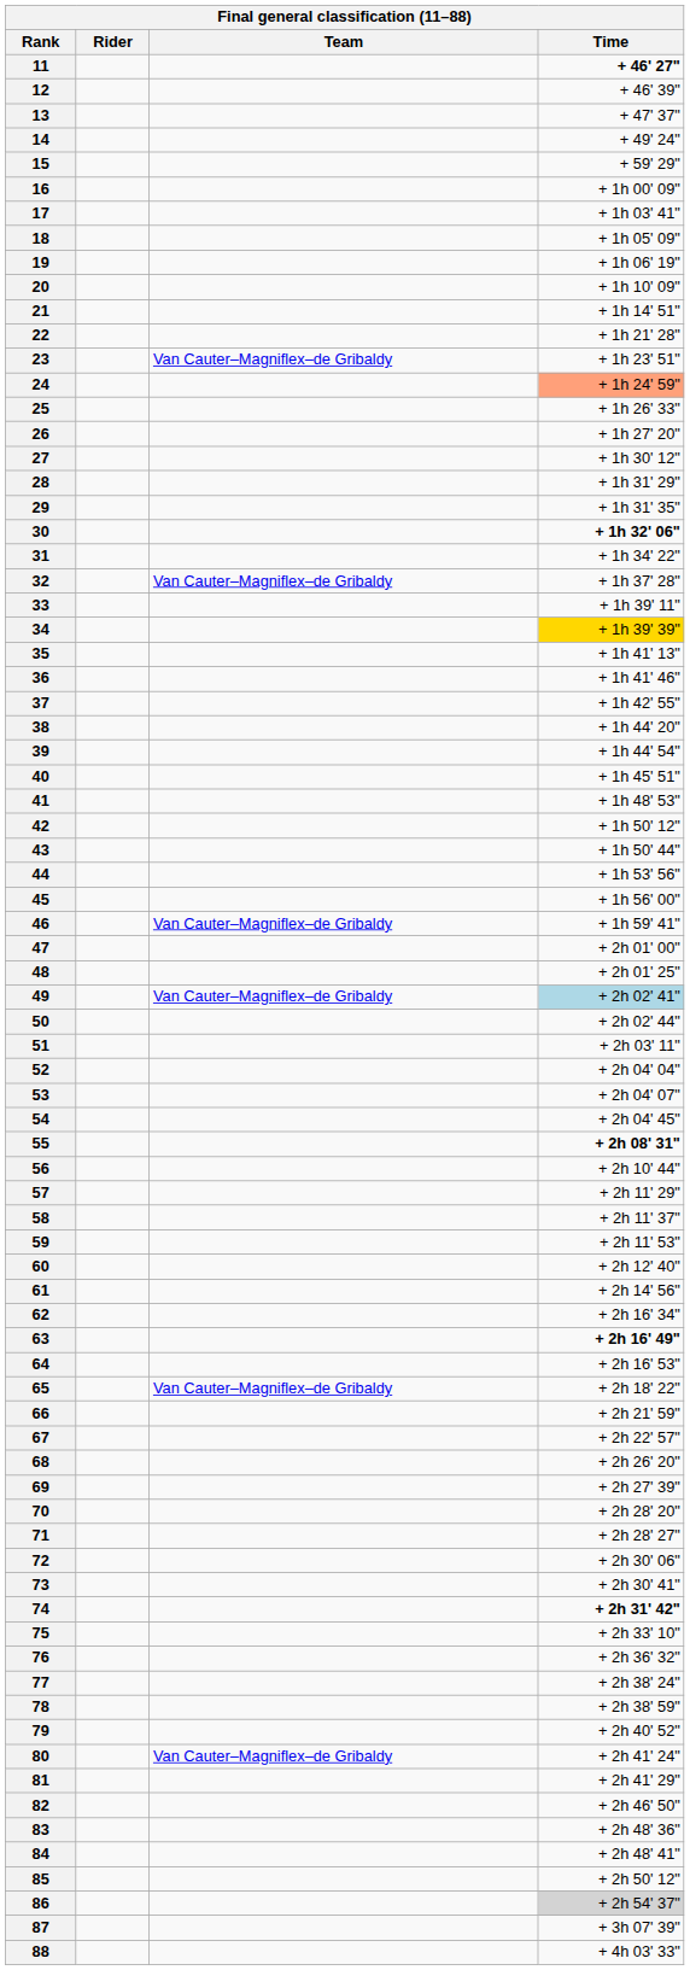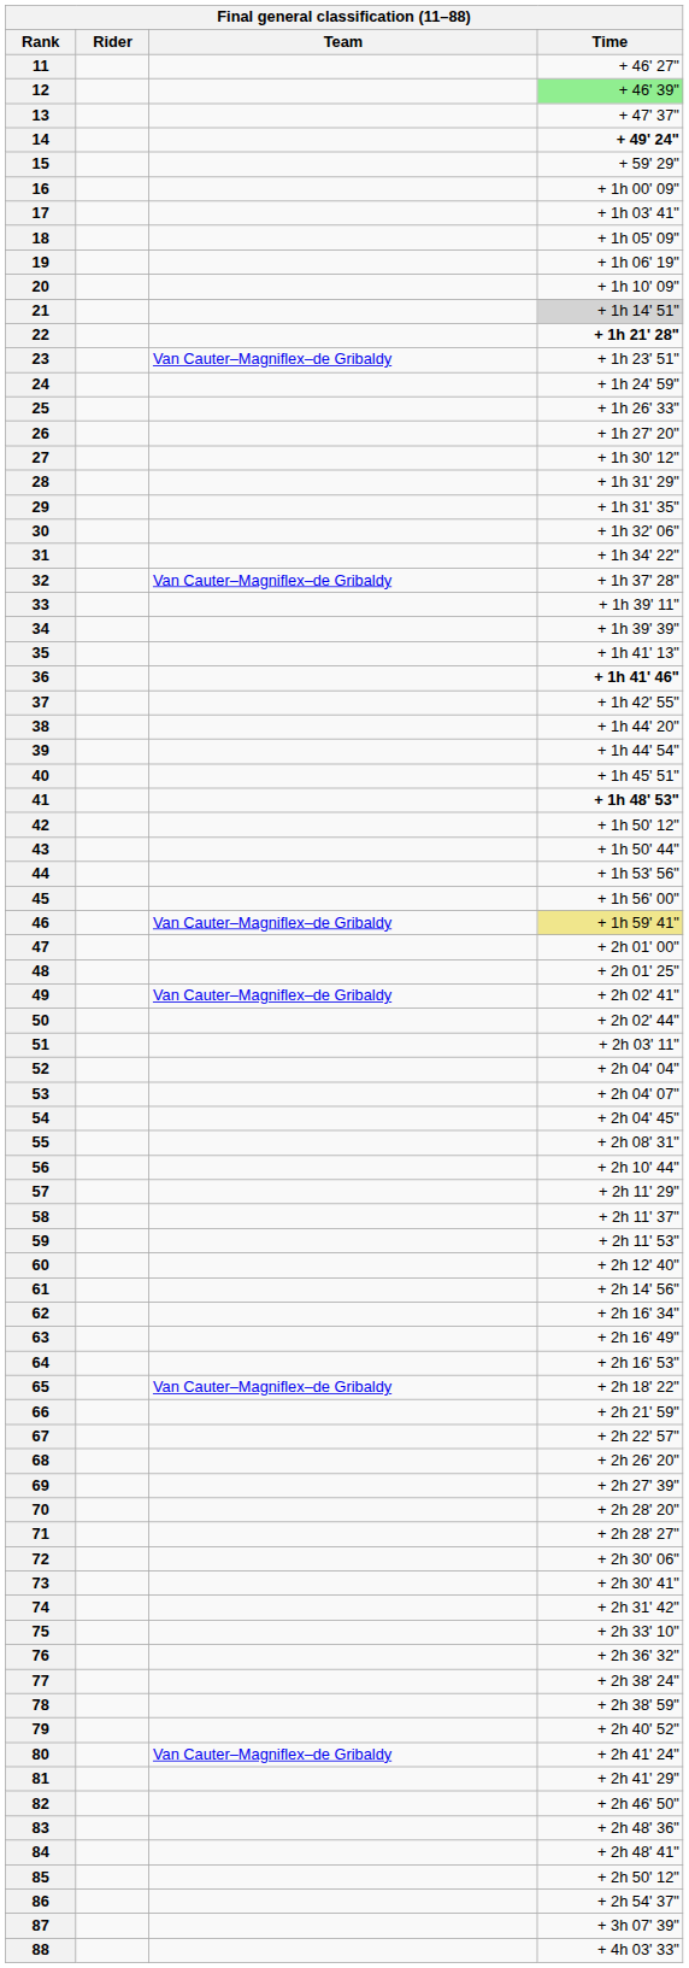 <table class="collapsible collapsed wikitable" style="width:44em;margin-top:-1px;">
 <tr>
 <th scope="col" colspan="4">Final general classification (11–88)</th>
 </tr>
 <tr>
 <th scope="col">Rank</th>
 <th scope="col">Rider</th>
 <th scope="col">Team</th>
 <th scope="col">Time</th>
 </tr>
 <tr>
 <th scope="row">11</th>
 <td></td>
 <td></td>
-<td style="text-align:right;"><strong>+ 46' 27"</strong></td>
+<td style="text-align:right;">+ 46' 27"</td>
 </tr>
 <tr>
 <th scope="row">12</th>
 <td></td>
 <td></td>
-<td style="text-align:right;">+ 46' 39"</td>
+<td style="background: lightgreen; text-align:right;">+ 46' 39"</td>
 </tr>
 <tr>
 <th scope="row">13</th>
 <td></td>
 <td></td>
 <td style="text-align:right;">+ 47' 37"</td>
 </tr>
 <tr>
 <th scope="row">14</th>
 <td></td>
 <td></td>
-<td style="text-align:right;">+ 49' 24"</td>
+<td style="text-align:right;"><strong>+ 49' 24"</strong></td>
 </tr>
 <tr>
 <th scope="row">15</th>
 <td></td>
 <td></td>
 <td style="text-align:right;">+ 59' 29"</td>
 </tr>
 <tr>
 <th scope="row">16</th>
 <td></td>
 <td></td>
 <td style="text-align:right;">+ 1h 00' 09"</td>
 </tr>
 <tr>
 <th scope="row">17</th>
 <td></td>
 <td></td>
 <td style="text-align:right;">+ 1h 03' 41"</td>
 </tr>
 <tr>
 <th scope="row">18</th>
 <td></td>
 <td></td>
 <td style="text-align:right;">+ 1h 05' 09"</td>
 </tr>
 <tr>
 <th scope="row">19</th>
 <td></td>
 <td></td>
 <td style="text-align:right;">+ 1h 06' 19"</td>
 </tr>
 <tr>
 <th scope="row">20</th>
 <td></td>
 <td></td>
 <td style="text-align:right;">+ 1h 10' 09"</td>
 </tr>
 <tr>
 <th scope="row">21</th>
 <td></td>
 <td></td>
-<td style="text-align:right;">+ 1h 14' 51"</td>
+<td style="background: lightgrey; text-align:right;">+ 1h 14' 51"</td>
 </tr>
 <tr>
 <th scope="row">22</th>
 <td></td>
 <td></td>
-<td style="text-align:right;">+ 1h 21' 28"</td>
+<td style="text-align:right;"><strong>+ 1h 21' 28"</strong></td>
 </tr>
 <tr>
 <th scope="row">23</th>
 <td></td>
 <td><a href='#'>Van Cauter–Magniflex–de Gribaldy</a></td>
 <td style="text-align:right;">+ 1h 23' 51"</td>
 </tr>
 <tr>
 <th scope="row">24</th>
 <td></td>
 <td></td>
-<td style="background: lightsalmon; text-align:right;">+ 1h 24' 59"</td>
+<td style="text-align:right;">+ 1h 24' 59"</td>
 </tr>
 <tr>
 <th scope="row">25</th>
 <td></td>
 <td></td>
 <td style="text-align:right;">+ 1h 26' 33"</td>
 </tr>
 <tr>
 <th scope="row">26</th>
 <td></td>
 <td></td>
 <td style="text-align:right;">+ 1h 27' 20"</td>
 </tr>
 <tr>
 <th scope="row">27</th>
 <td></td>
 <td></td>
 <td style="text-align:right;">+ 1h 30' 12"</td>
 </tr>
 <tr>
 <th scope="row">28</th>
 <td></td>
 <td></td>
 <td style="text-align:right;">+ 1h 31' 29"</td>
 </tr>
 <tr>
 <th scope="row">29</th>
 <td></td>
 <td></td>
 <td style="text-align:right;">+ 1h 31' 35"</td>
 </tr>
 <tr>
 <th scope="row">30</th>
 <td></td>
 <td></td>
-<td style="text-align:right;"><strong>+ 1h 32' 06"</strong></td>
+<td style="text-align:right;">+ 1h 32' 06"</td>
 </tr>
 <tr>
 <th scope="row">31</th>
 <td></td>
 <td></td>
 <td style="text-align:right;">+ 1h 34' 22"</td>
 </tr>
 <tr>
 <th scope="row">32</th>
 <td></td>
 <td><a href='#'>Van Cauter–Magniflex–de Gribaldy</a></td>
 <td style="text-align:right;">+ 1h 37' 28"</td>
 </tr>
 <tr>
 <th scope="row">33</th>
 <td></td>
 <td></td>
 <td style="text-align:right;">+ 1h 39' 11"</td>
 </tr>
 <tr>
 <th scope="row">34</th>
 <td></td>
 <td></td>
-<td style="background: gold; text-align:right;">+ 1h 39' 39"</td>
+<td style="text-align:right;">+ 1h 39' 39"</td>
 </tr>
 <tr>
 <th scope="row">35</th>
 <td></td>
 <td></td>
 <td style="text-align:right;">+ 1h 41' 13"</td>
 </tr>
 <tr>
 <th scope="row">36</th>
 <td></td>
 <td></td>
-<td style="text-align:right;">+ 1h 41' 46"</td>
+<td style="text-align:right;"><strong>+ 1h 41' 46"</strong></td>
 </tr>
 <tr>
 <th scope="row">37</th>
 <td></td>
 <td></td>
 <td style="text-align:right;">+ 1h 42' 55"</td>
 </tr>
 <tr>
 <th scope="row">38</th>
 <td></td>
 <td></td>
 <td style="text-align:right;">+ 1h 44' 20"</td>
 </tr>
 <tr>
 <th scope="row">39</th>
 <td></td>
 <td></td>
 <td style="text-align:right;">+ 1h 44' 54"</td>
 </tr>
 <tr>
 <th scope="row">40</th>
 <td></td>
 <td></td>
 <td style="text-align:right;">+ 1h 45' 51"</td>
 </tr>
 <tr>
 <th scope="row">41</th>
 <td></td>
 <td></td>
-<td style="text-align:right;">+ 1h 48' 53"</td>
+<td style="text-align:right;"><strong>+ 1h 48' 53"</strong></td>
 </tr>
 <tr>
 <th scope="row">42</th>
 <td></td>
 <td></td>
 <td style="text-align:right;">+ 1h 50' 12"</td>
 </tr>
 <tr>
 <th scope="row">43</th>
 <td></td>
 <td></td>
 <td style="text-align:right;">+ 1h 50' 44"</td>
 </tr>
 <tr>
 <th scope="row">44</th>
 <td></td>
 <td></td>
 <td style="text-align:right;">+ 1h 53' 56"</td>
 </tr>
 <tr>
 <th scope="row">45</th>
 <td></td>
 <td></td>
 <td style="text-align:right;">+ 1h 56' 00"</td>
 </tr>
 <tr>
 <th scope="row">46</th>
 <td></td>
 <td><a href='#'>Van Cauter–Magniflex–de Gribaldy</a></td>
-<td style="text-align:right;">+ 1h 59' 41"</td>
+<td style="background: khaki; text-align:right;">+ 1h 59' 41"</td>
 </tr>
 <tr>
 <th scope="row">47</th>
 <td></td>
 <td></td>
 <td style="text-align:right;">+ 2h 01' 00"</td>
 </tr>
 <tr>
 <th scope="row">48</th>
 <td></td>
 <td></td>
 <td style="text-align:right;">+ 2h 01' 25"</td>
 </tr>
 <tr>
 <th scope="row">49</th>
 <td></td>
 <td><a href='#'>Van Cauter–Magniflex–de Gribaldy</a></td>
-<td style="background: lightblue; text-align:right;">+ 2h 02' 41"</td>
+<td style="text-align:right;">+ 2h 02' 41"</td>
 </tr>
 <tr>
 <th scope="row">50</th>
 <td></td>
 <td></td>
 <td style="text-align:right;">+ 2h 02' 44"</td>
 </tr>
 <tr>
 <th scope="row">51</th>
 <td></td>
 <td></td>
 <td style="text-align:right;">+ 2h 03' 11"</td>
 </tr>
 <tr>
 <th scope="row">52</th>
 <td></td>
 <td></td>
 <td style="text-align:right;">+ 2h 04' 04"</td>
 </tr>
 <tr>
 <th scope="row">53</th>
 <td></td>
 <td></td>
 <td style="text-align:right;">+ 2h 04' 07"</td>
 </tr>
 <tr>
 <th scope="row">54</th>
 <td></td>
 <td></td>
 <td style="text-align:right;">+ 2h 04' 45"</td>
 </tr>
 <tr>
 <th scope="row">55</th>
 <td></td>
 <td></td>
-<td style="text-align:right;"><strong>+ 2h 08' 31"</strong></td>
+<td style="text-align:right;">+ 2h 08' 31"</td>
 </tr>
 <tr>
 <th scope="row">56</th>
 <td></td>
 <td></td>
 <td style="text-align:right;">+ 2h 10' 44"</td>
 </tr>
 <tr>
 <th scope="row">57</th>
 <td></td>
 <td></td>
 <td style="text-align:right;">+ 2h 11' 29"</td>
 </tr>
 <tr>
 <th scope="row">58</th>
 <td></td>
 <td></td>
 <td style="text-align:right;">+ 2h 11' 37"</td>
 </tr>
 <tr>
 <th scope="row">59</th>
 <td></td>
 <td></td>
 <td style="text-align:right;">+ 2h 11' 53"</td>
 </tr>
 <tr>
 <th scope="row">60</th>
 <td></td>
 <td></td>
 <td style="text-align:right;">+ 2h 12' 40"</td>
 </tr>
 <tr>
 <th scope="row">61</th>
 <td></td>
 <td></td>
 <td style="text-align:right;">+ 2h 14' 56"</td>
 </tr>
 <tr>
 <th scope="row">62</th>
 <td></td>
 <td></td>
 <td style="text-align:right;">+ 2h 16' 34"</td>
 </tr>
 <tr>
 <th scope="row">63</th>
 <td></td>
 <td></td>
-<td style="text-align:right;"><strong>+ 2h 16' 49"</strong></td>
+<td style="text-align:right;">+ 2h 16' 49"</td>
 </tr>
 <tr>
 <th scope="row">64</th>
 <td></td>
 <td></td>
 <td style="text-align:right;">+ 2h 16' 53"</td>
 </tr>
 <tr>
 <th scope="row">65</th>
 <td></td>
 <td><a href='#'>Van Cauter–Magniflex–de Gribaldy</a></td>
 <td style="text-align:right;">+ 2h 18' 22"</td>
 </tr>
 <tr>
 <th scope="row">66</th>
 <td></td>
 <td></td>
 <td style="text-align:right;">+ 2h 21' 59"</td>
 </tr>
 <tr>
 <th scope="row">67</th>
 <td></td>
 <td></td>
 <td style="text-align:right;">+ 2h 22' 57"</td>
 </tr>
 <tr>
 <th scope="row">68</th>
 <td></td>
 <td></td>
 <td style="text-align:right;">+ 2h 26' 20"</td>
 </tr>
 <tr>
 <th scope="row">69</th>
 <td></td>
 <td></td>
 <td style="text-align:right;">+ 2h 27' 39"</td>
 </tr>
 <tr>
 <th scope="row">70</th>
 <td></td>
 <td></td>
 <td style="text-align:right;">+ 2h 28' 20"</td>
 </tr>
 <tr>
 <th scope="row">71</th>
 <td></td>
 <td></td>
 <td style="text-align:right;">+ 2h 28' 27"</td>
 </tr>
 <tr>
 <th scope="row">72</th>
 <td></td>
 <td></td>
 <td style="text-align:right;">+ 2h 30' 06"</td>
 </tr>
 <tr>
 <th scope="row">73</th>
 <td></td>
 <td></td>
 <td style="text-align:right;">+ 2h 30' 41"</td>
 </tr>
 <tr>
 <th scope="row">74</th>
 <td></td>
 <td></td>
-<td style="text-align:right;"><strong>+ 2h 31' 42"</strong></td>
+<td style="text-align:right;">+ 2h 31' 42"</td>
 </tr>
 <tr>
 <th scope="row">75</th>
 <td></td>
 <td></td>
 <td style="text-align:right;">+ 2h 33' 10"</td>
 </tr>
 <tr>
 <th scope="row">76</th>
 <td></td>
 <td></td>
 <td style="text-align:right;">+ 2h 36' 32"</td>
 </tr>
 <tr>
 <th scope="row">77</th>
 <td></td>
 <td></td>
 <td style="text-align:right;">+ 2h 38' 24"</td>
 </tr>
 <tr>
 <th scope="row">78</th>
 <td></td>
 <td></td>
 <td style="text-align:right;">+ 2h 38' 59"</td>
 </tr>
 <tr>
 <th scope="row">79</th>
 <td></td>
 <td></td>
 <td style="text-align:right;">+ 2h 40' 52"</td>
 </tr>
 <tr>
 <th scope="row">80</th>
 <td></td>
 <td><a href='#'>Van Cauter–Magniflex–de Gribaldy</a></td>
 <td style="text-align:right;">+ 2h 41' 24"</td>
 </tr>
 <tr>
 <th scope="row">81</th>
 <td></td>
 <td></td>
 <td style="text-align:right;">+ 2h 41' 29"</td>
 </tr>
 <tr>
 <th scope="row">82</th>
 <td></td>
 <td></td>
 <td style="text-align:right;">+ 2h 46' 50"</td>
 </tr>
 <tr>
 <th scope="row">83</th>
 <td></td>
 <td></td>
 <td style="text-align:right;">+ 2h 48' 36"</td>
 </tr>
 <tr>
 <th scope="row">84</th>
 <td></td>
 <td></td>
 <td style="text-align:right;">+ 2h 48' 41"</td>
 </tr>
 <tr>
 <th scope="row">85</th>
 <td></td>
 <td></td>
 <td style="text-align:right;">+ 2h 50' 12"</td>
 </tr>
 <tr>
 <th scope="row">86</th>
 <td></td>
 <td></td>
-<td style="background: lightgrey; text-align:right;">+ 2h 54' 37"</td>
+<td style="text-align:right;">+ 2h 54' 37"</td>
 </tr>
 <tr>
 <th scope="row">87</th>
 <td></td>
 <td></td>
 <td style="text-align:right;">+ 3h 07' 39"</td>
 </tr>
 <tr>
 <th scope="row">88</th>
 <td></td>
 <td></td>
 <td style="text-align:right;">+ 4h 03' 33"</td>
 </tr>
 </table>
